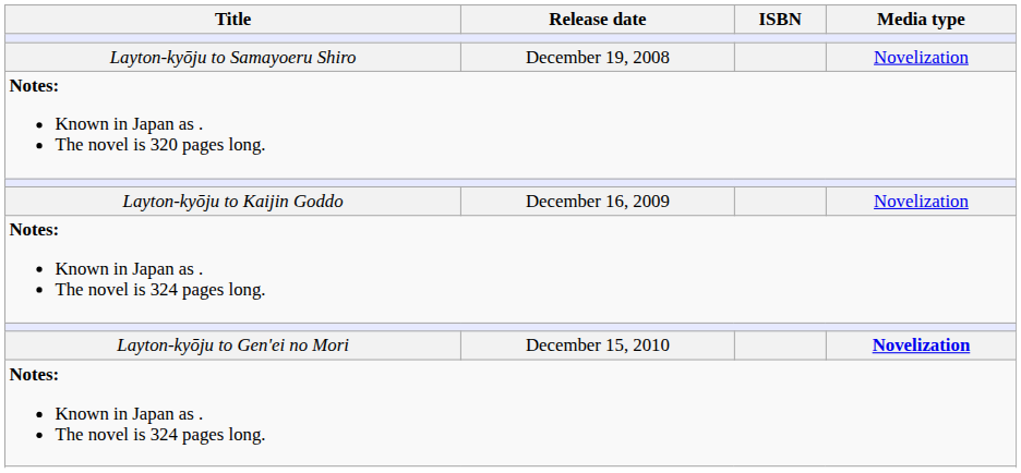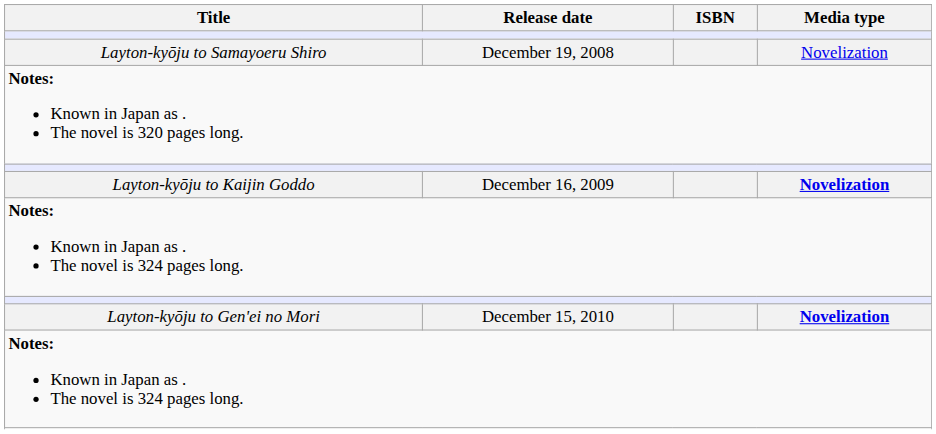 <table class="wikitable" width="100%">
 <tr style="text-align: center;">
 <th>Title</th>
 <th>Release date</th>
 <th>ISBN</th>
 <th>Media type</th>
 </tr>
 <tr>
 <td colspan="4" bgcolor="#e6e9ff"></td>
 </tr>
 <tr bgcolor="#F2F2F2" align="center">
 <td><em>Layton-kyōju to Samayoeru Shiro</em></td>
 <td>December 19, 2008</td>
 <td></td>
 <td><a href='#'>Novelization</a></td>
 </tr>
 <tr>
 <td colspan="4" style="border: none; vertical-align: top;"><strong>Notes:</strong><br><ul><li>Known in Japan as .</li><li>The novel is 320 pages long.</li></ul></td>
 </tr>
 <tr>
 <td colspan="4" bgcolor="#e6e9ff"></td>
 </tr>
 <tr bgcolor="#F2F2F2" align="center">
 <td><em>Layton-kyōju to Kaijin Goddo</em></td>
 <td>December 16, 2009</td>
 <td></td>
-<td><a href='#'>Novelization</a></td>
+<td><strong><a href='#'>Novelization</a></strong></td>
 </tr>
 <tr>
 <td colspan="4" style="border: none; vertical-align: top;"><strong>Notes:</strong><br><ul><li>Known in Japan as .</li><li>The novel is 324 pages long.</li></ul></td>
 </tr>
 <tr>
 <td colspan="4" bgcolor="#e6e9ff"></td>
 </tr>
 <tr bgcolor="#F2F2F2" align="center">
 <td><em>Layton-kyōju to Gen'ei no Mori</em></td>
 <td>December 15, 2010</td>
 <td></td>
 <td><strong><a href='#'>Novelization</a></strong></td>
 </tr>
 <tr>
 <td colspan="4" style="border: none; vertical-align: top;"><strong>Notes:</strong><br><ul><li>Known in Japan as .</li><li>The novel is 324 pages long.</li></ul></td>
 </tr>
 <tr>
 </tr>
 </table>
